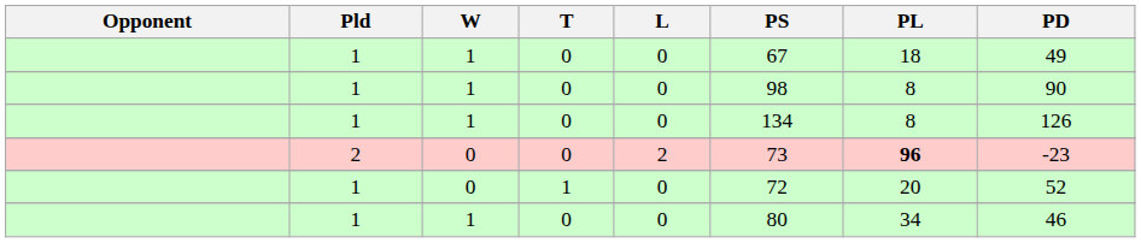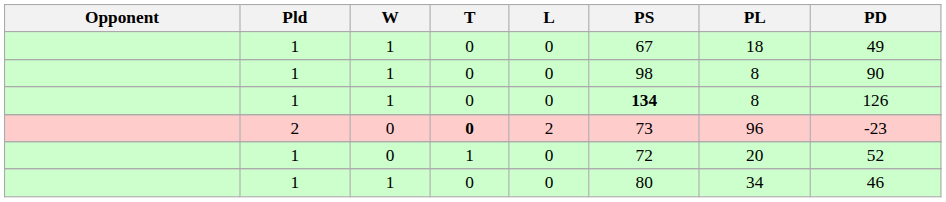 <table class="wikitable sortable " style="text-align: center">
 <tr>
 <th width=220>Opponent<br></th>
 <th width=100>Pld<br></th>
 <th width=70>W<br></th>
 <th width=70>T<br></th>
 <th width=70>L<br></th>
 <th width=100>PS<br></th>
 <th width=100>PL<br></th>
 <th width=120>PD<br></th>
 </tr>
 <tr>
 </tr>
 <tr bgcolor="#CCFFCC">
 <td style="text-align:left;"></td>
 <td>1</td>
 <td>1</td>
 <td>0</td>
 <td>0</td>
 <td>67</td>
 <td>18</td>
 <td>49</td>
 </tr>
 <tr>
 </tr>
 <tr bgcolor="#CCFFCC">
 <td style="text-align:left;"></td>
 <td>1</td>
 <td>1</td>
 <td>0</td>
 <td>0</td>
 <td>98</td>
 <td>8</td>
 <td>90</td>
 </tr>
 <tr>
 </tr>
 <tr bgcolor="#CCFFCC">
 <td style="text-align:left;"></td>
 <td>1</td>
 <td>1</td>
 <td>0</td>
 <td>0</td>
-<td>134</td>
+<td><strong>134</strong></td>
 <td>8</td>
 <td>126</td>
 </tr>
 <tr>
 </tr>
 <tr bgcolor="#FFCCCC">
 <td style="text-align:left;"></td>
 <td>2</td>
 <td>0</td>
-<td>0</td>
+<td><strong>0</strong></td>
 <td>2</td>
 <td>73</td>
-<td><strong>96</strong></td>
+<td>96</td>
 <td>-23</td>
 </tr>
 <tr>
 </tr>
 <tr bgcolor="#CCFFCC">
 <td style="text-align:left;"></td>
 <td>1</td>
 <td>0</td>
 <td>1</td>
 <td>0</td>
 <td>72</td>
 <td>20</td>
 <td>52</td>
 </tr>
 <tr>
 </tr>
 <tr bgcolor="#CCFFCC">
 <td style="text-align:left;"></td>
 <td>1</td>
 <td>1</td>
 <td>0</td>
 <td>0</td>
 <td>80</td>
 <td>34</td>
 <td>46</td>
 </tr>
 </table>
